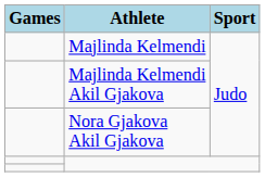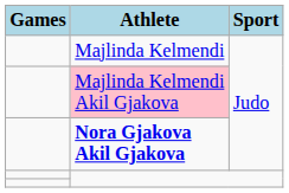 <table class="wikitable" style="text-align:left">
 <tr>
 <th style="background:lightblue;">Games</th>
 <th style="background:lightblue;">Athlete</th>
 <th style="background:lightblue;">Sport</th>
 </tr>
 <tr>
 <td></td>
 <td><a href='#'>Majlinda Kelmendi</a></td>
 <td rowspan=3><a href='#'>Judo</a></td>
 </tr>
 <tr>
 <td></td>
-<td><a href='#'>Majlinda Kelmendi</a><br><a href='#'>Akil Gjakova</a></td>
+<td style="background: pink;"><a href='#'>Majlinda Kelmendi</a><br><a href='#'>Akil Gjakova</a></td>
 </tr>
 <tr>
 <td></td>
-<td><a href='#'>Nora Gjakova</a><br><a href='#'>Akil Gjakova</a></td>
+<td><strong><a href='#'>Nora Gjakova</a><br><a href='#'>Akil Gjakova</a></strong></td>
 </tr>
 <tr>
 <td></td>
 </tr>
 <tr>
 <td></td>
 </tr>
 </table>
